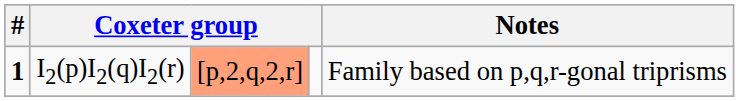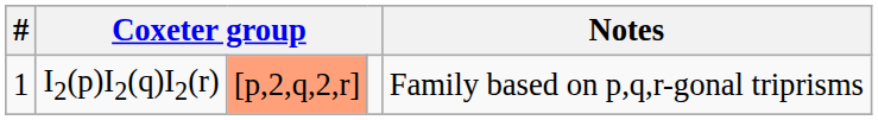 <table class=wikitable>
 <tr>
 <th>#</th>
 <th colspan=3><a href='#'>Coxeter group</a></th>
 <th>Notes</th>
 </tr>
 <tr>
-<td><strong>1</strong></td>
+<td>1</td>
 <td>I<sub>2</sub>(p)I<sub>2</sub>(q)I<sub>2</sub>(r)</td>
 <td style="background: lightsalmon;">[p,2,q,2,r]</td>
 <td></td>
 <td>Family based on p,q,r-gonal triprisms</td>
 </tr>
 </table>
